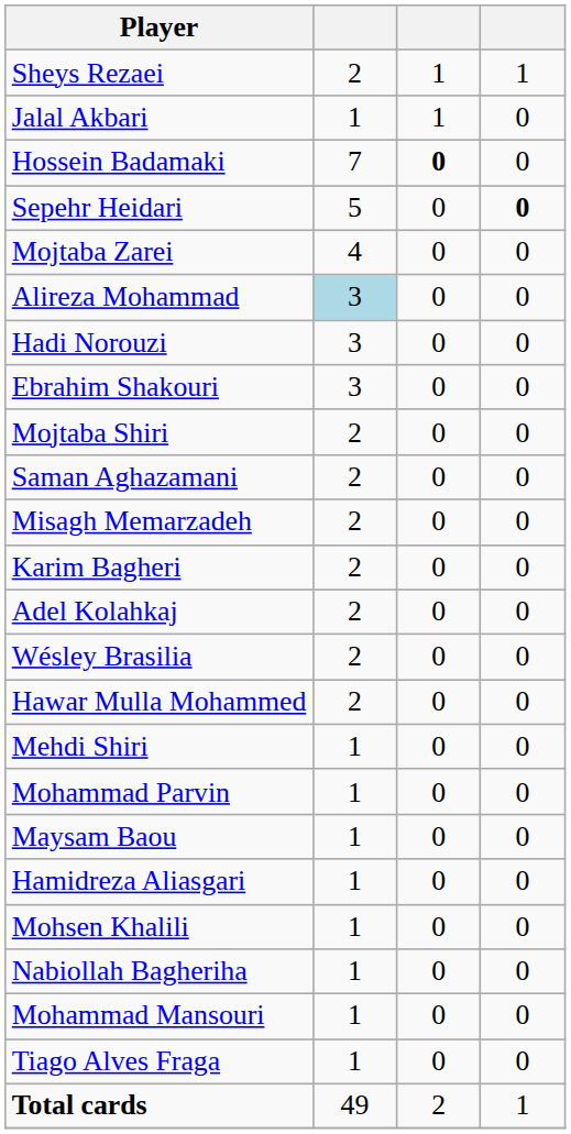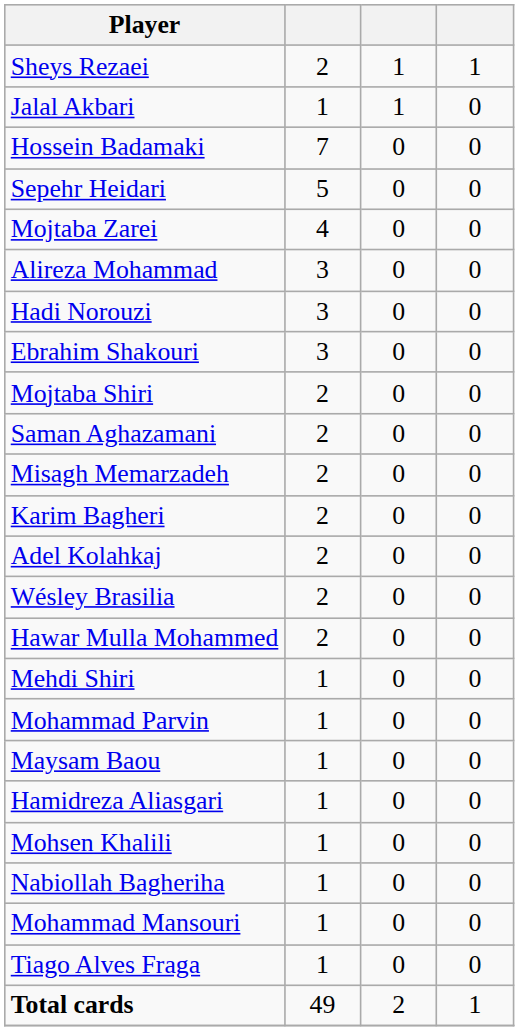 <table class="wikitable" style="text-align: center;">
 <tr>
 <th wight=200>Player</th>
 <th width=40></th>
 <th width=40> </th>
 <th width=40></th>
 </tr>
 <tr>
 <td style="text-align:left"> <a href='#'>Sheys Rezaei</a></td>
 <td>2</td>
 <td>1</td>
 <td>1</td>
 </tr>
 <tr>
 <td style="text-align:left"> <a href='#'>Jalal Akbari</a></td>
 <td>1</td>
 <td>1</td>
 <td>0</td>
 </tr>
 <tr>
 <td style="text-align:left"> <a href='#'>Hossein Badamaki</a></td>
 <td>7</td>
-<td><strong>0</strong></td>
+<td>0</td>
 <td>0</td>
 </tr>
 <tr>
 <td style="text-align:left"> <a href='#'>Sepehr Heidari</a></td>
 <td>5</td>
 <td>0</td>
-<td><strong>0</strong></td>
+<td>0</td>
 </tr>
 <tr>
 <td style="text-align:left"> <a href='#'>Mojtaba Zarei</a></td>
 <td>4</td>
 <td>0</td>
 <td>0</td>
 </tr>
 <tr>
 <td style="text-align:left"> <a href='#'>Alireza Mohammad</a></td>
-<td style="background: lightblue;">3</td>
+<td>3</td>
 <td>0</td>
 <td>0</td>
 </tr>
 <tr>
 <td style="text-align:left"> <a href='#'>Hadi Norouzi</a></td>
 <td>3</td>
 <td>0</td>
 <td>0</td>
 </tr>
 <tr>
 <td style="text-align:left"> <a href='#'>Ebrahim Shakouri</a></td>
 <td>3</td>
 <td>0</td>
 <td>0</td>
 </tr>
 <tr>
 <td style="text-align:left"> <a href='#'>Mojtaba Shiri</a></td>
 <td>2</td>
 <td>0</td>
 <td>0</td>
 </tr>
 <tr>
 <td style="text-align:left"> <a href='#'>Saman Aghazamani</a></td>
 <td>2</td>
 <td>0</td>
 <td>0</td>
 </tr>
 <tr>
 <td style="text-align:left"> <a href='#'>Misagh Memarzadeh</a></td>
 <td>2</td>
 <td>0</td>
 <td>0</td>
 </tr>
 <tr>
 <td style="text-align:left"> <a href='#'>Karim Bagheri</a></td>
 <td>2</td>
 <td>0</td>
 <td>0</td>
 </tr>
 <tr>
 <td style="text-align:left"> <a href='#'>Adel Kolahkaj</a></td>
 <td>2</td>
 <td>0</td>
 <td>0</td>
 </tr>
 <tr>
 <td style="text-align:left"> <a href='#'>Wésley Brasilia</a></td>
 <td>2</td>
 <td>0</td>
 <td>0</td>
 </tr>
 <tr>
 <td style="text-align:left"> <a href='#'>Hawar Mulla Mohammed</a></td>
 <td>2</td>
 <td>0</td>
 <td>0</td>
 </tr>
 <tr>
 <td style="text-align:left"> <a href='#'>Mehdi Shiri</a></td>
 <td>1</td>
 <td>0</td>
 <td>0</td>
 </tr>
 <tr>
 <td style="text-align:left"> <a href='#'>Mohammad Parvin</a></td>
 <td>1</td>
 <td>0</td>
 <td>0</td>
 </tr>
 <tr>
 <td style="text-align:left"> <a href='#'>Maysam Baou</a></td>
 <td>1</td>
 <td>0</td>
 <td>0</td>
 </tr>
 <tr>
 <td style="text-align:left"> <a href='#'>Hamidreza Aliasgari</a></td>
 <td>1</td>
 <td>0</td>
 <td>0</td>
 </tr>
 <tr>
 <td style="text-align:left"> <a href='#'>Mohsen Khalili</a></td>
 <td>1</td>
 <td>0</td>
 <td>0</td>
 </tr>
 <tr>
 <td style="text-align:left"> <a href='#'>Nabiollah Bagheriha</a></td>
 <td>1</td>
 <td>0</td>
 <td>0</td>
 </tr>
 <tr>
 <td style="text-align:left"> <a href='#'>Mohammad Mansouri</a></td>
 <td>1</td>
 <td>0</td>
 <td>0</td>
 </tr>
 <tr>
 <td style="text-align:left"> <a href='#'>Tiago Alves Fraga</a></td>
 <td>1</td>
 <td>0</td>
 <td>0</td>
 </tr>
 <tr>
 <td style="text-align:left"><strong>Total cards</strong></td>
 <td>49</td>
 <td>2</td>
 <td>1</td>
 </tr>
 <tr>
 </tr>
 </table>
